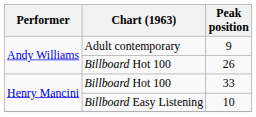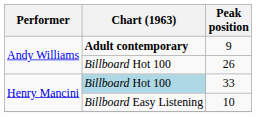 <table class="wikitable">
 <tr>
 <th>Performer</th>
 <th>Chart (1963)</th>
 <th>Peak<br>position</th>
 </tr>
 <tr>
 <td rowspan=2><a href='#'>Andy Williams</a></td>
-<td>Adult contemporary</td>
+<td><strong>Adult contemporary</strong></td>
 <td align=center>9</td>
 </tr>
 <tr>
 <td><em>Billboard</em> Hot 100</td>
 <td align=center>26</td>
 </tr>
 <tr>
 <td rowspan=2><a href='#'>Henry Mancini</a></td>
-<td><em>Billboard</em> Hot 100</td>
+<td style="background: lightblue;"><em>Billboard</em> Hot 100</td>
 <td align=center>33</td>
 </tr>
 <tr>
 <td><em>Billboard</em> Easy Listening</td>
 <td align=center>10</td>
 </tr>
 <tr>
 </tr>
 </table>
